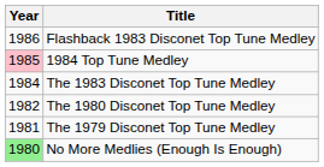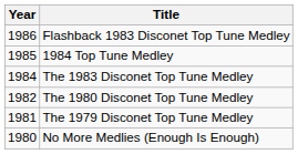 <table class="wikitable">
 <tr>
 <th>Year</th>
 <th>Title</th>
 </tr>
 <tr>
 <td>1986</td>
 <td>Flashback 1983 Disconet Top Tune Medley</td>
 </tr>
 <tr>
-<td style="background: pink;">1985</td>
+<td>1985</td>
 <td>1984 Top Tune Medley</td>
 </tr>
 <tr>
 <td>1984</td>
 <td>The 1983 Disconet Top Tune Medley</td>
 </tr>
 <tr>
 <td>1982</td>
 <td>The 1980 Disconet Top Tune Medley</td>
 </tr>
 <tr>
 <td>1981</td>
 <td>The 1979 Disconet Top Tune Medley</td>
 </tr>
 <tr>
-<td style="background: lightgreen;">1980</td>
+<td>1980</td>
 <td>No More Medlies (Enough Is Enough)</td>
 </tr>
 </table>
